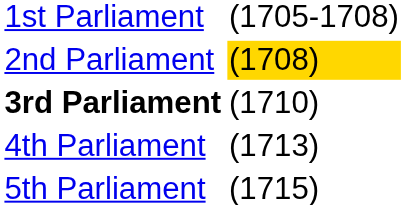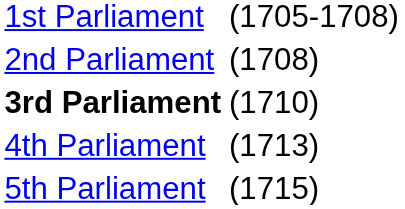 <table id=toc style="float:right">
 <tr>
 <td><a href='#'>1st Parliament</a></td>
 <td>(1705-1708)</td>
 </tr>
 <tr |->
 <td><a href='#'>2nd Parliament</a></td>
-<td style="background: gold;">(1708)</td>
+<td>(1708)</td>
 </tr>
 <tr>
 <td><strong>3rd Parliament</strong></td>
 <td>(1710)</td>
 </tr>
 <tr>
 <td><a href='#'>4th Parliament</a></td>
 <td>(1713)</td>
 </tr>
 <tr>
 <td><a href='#'>5th Parliament</a></td>
 <td>(1715)</td>
 </tr>
 </table>
